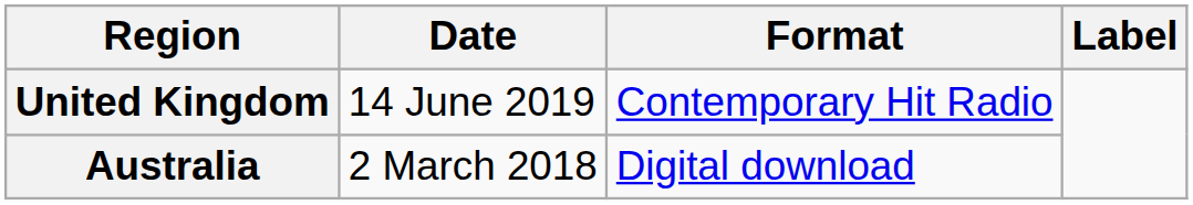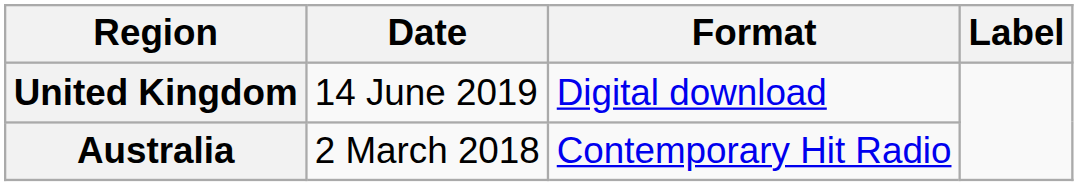 <table class="wikitable plainrowheaders">
 <tr>
 <th>Region</th>
 <th>Date</th>
 <th>Format</th>
 <th>Label</th>
 </tr>
 <tr>
 <th scope="row">United Kingdom</th>
 <td>14 June 2019</td>
-<td><a href='#'>Contemporary Hit Radio</a></td>
+<td><a href='#'>Digital download</a></td>
 <td rowspan="2"></td>
 </tr>
 <tr>
 <th scope="row">Australia</th>
 <td>2 March 2018</td>
-<td><a href='#'>Digital download</a></td>
+<td><a href='#'>Contemporary Hit Radio</a></td>
 </tr>
 </table>
